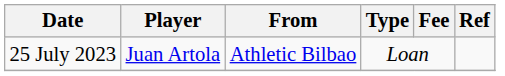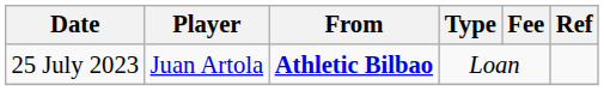 <table class="wikitable">
 <tr>
 <th>Date</th>
 <th>Player</th>
 <th>From</th>
 <th>Type</th>
 <th>Fee</th>
 <th>Ref</th>
 </tr>
 <tr>
 <td>25 July 2023</td>
 <td> <a href='#'>Juan Artola</a></td>
-<td><a href='#'>Athletic Bilbao</a></td>
+<td><strong><a href='#'>Athletic Bilbao</a></strong></td>
 <td colspan=2 align=center><em>Loan</em></td>
 <td></td>
 </tr>
 <tr>
 </tr>
 </table>
